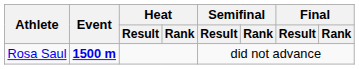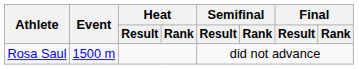 <table class="wikitable" style="font-size:90%;">
 <tr>
 <th rowspan="2">Athlete</th>
 <th rowspan="2">Event</th>
 <th colspan="2">Heat</th>
 <th colspan="2">Semifinal</th>
 <th colspan="2">Final</th>
 </tr>
 <tr style="font-size:95%">
 <th>Result</th>
 <th>Rank</th>
 <th>Result</th>
 <th>Rank</th>
 <th>Result</th>
 <th>Rank</th>
 </tr>
 <tr align=center>
 <td align=left><a href='#'>Rosa Saul</a></td>
-<td align=left><strong><a href='#'>1500 m</a></strong></td>
+<td align=left><a href='#'>1500 m</a></td>
 <td colspan=2></td>
 <td colspan=4>did not advance</td>
 </tr>
 </table>
